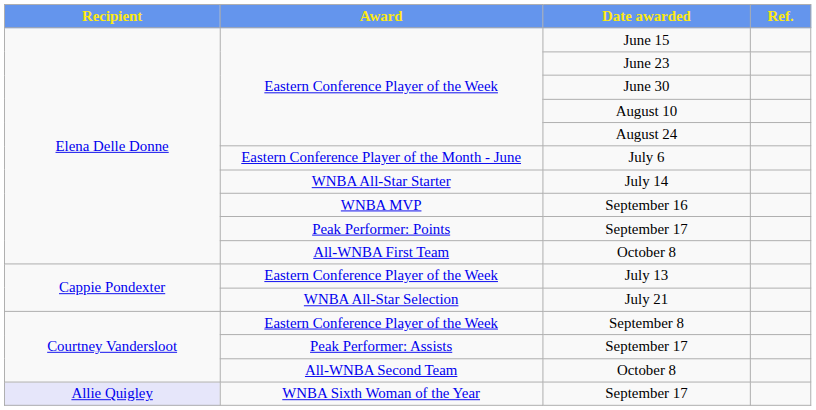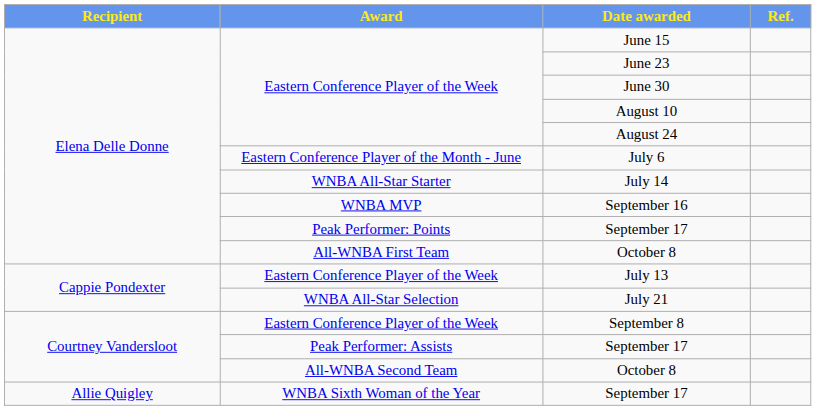 <table class="wikitable sortable sortable" style="text-align: center">
 <tr>
 <th style="background:#6495ED; color:#FDE910;"; width="5%">Recipient</th>
 <th style="background:#6495ED; color:#FDE910;"; width="9%">Award</th>
 <th style="background:#6495ED; color:#FDE910;"; width="5%">Date awarded</th>
 <th style="background:#6495ED; color:#FDE910;"; width="1%" class="unsortable">Ref.</th>
 </tr>
 <tr>
 <td rowspan=10><a href='#'>Elena Delle Donne</a></td>
 <td rowspan=5><a href='#'>Eastern Conference Player of the Week</a></td>
 <td>June 15</td>
 <td></td>
 </tr>
 <tr>
 <td>June 23</td>
 <td></td>
 </tr>
 <tr>
 <td>June 30</td>
 <td></td>
 </tr>
 <tr>
 <td>August 10</td>
 <td></td>
 </tr>
 <tr>
 <td>August 24</td>
 <td></td>
 </tr>
 <tr>
 <td><a href='#'>Eastern Conference Player of the Month - June</a></td>
 <td>July 6</td>
 <td></td>
 </tr>
 <tr>
 <td><a href='#'>WNBA All-Star Starter</a></td>
 <td>July 14</td>
 <td></td>
 </tr>
 <tr>
 <td><a href='#'>WNBA MVP</a></td>
 <td>September 16</td>
 <td></td>
 </tr>
 <tr>
 <td><a href='#'>Peak Performer: Points</a></td>
 <td>September 17</td>
 <td></td>
 </tr>
 <tr>
 <td><a href='#'>All-WNBA First Team</a></td>
 <td>October 8</td>
 <td></td>
 </tr>
 <tr>
 <td rowspan=2><a href='#'>Cappie Pondexter</a></td>
 <td><a href='#'>Eastern Conference Player of the Week</a></td>
 <td>July 13</td>
 <td></td>
 </tr>
 <tr>
 <td><a href='#'>WNBA All-Star Selection</a></td>
 <td>July 21</td>
 <td></td>
 </tr>
 <tr>
 <td rowspan=3><a href='#'>Courtney Vandersloot</a></td>
 <td><a href='#'>Eastern Conference Player of the Week</a></td>
 <td>September 8</td>
 <td></td>
 </tr>
 <tr>
 <td><a href='#'>Peak Performer: Assists</a></td>
 <td>September 17</td>
 <td></td>
 </tr>
 <tr>
 <td><a href='#'>All-WNBA Second Team</a></td>
 <td>October 8</td>
 <td></td>
 </tr>
 <tr>
-<td style="background: lavender;"><a href='#'>Allie Quigley</a></td>
+<td><a href='#'>Allie Quigley</a></td>
 <td><a href='#'>WNBA Sixth Woman of the Year</a></td>
 <td>September 17</td>
 <td></td>
 </tr>
 </table>
